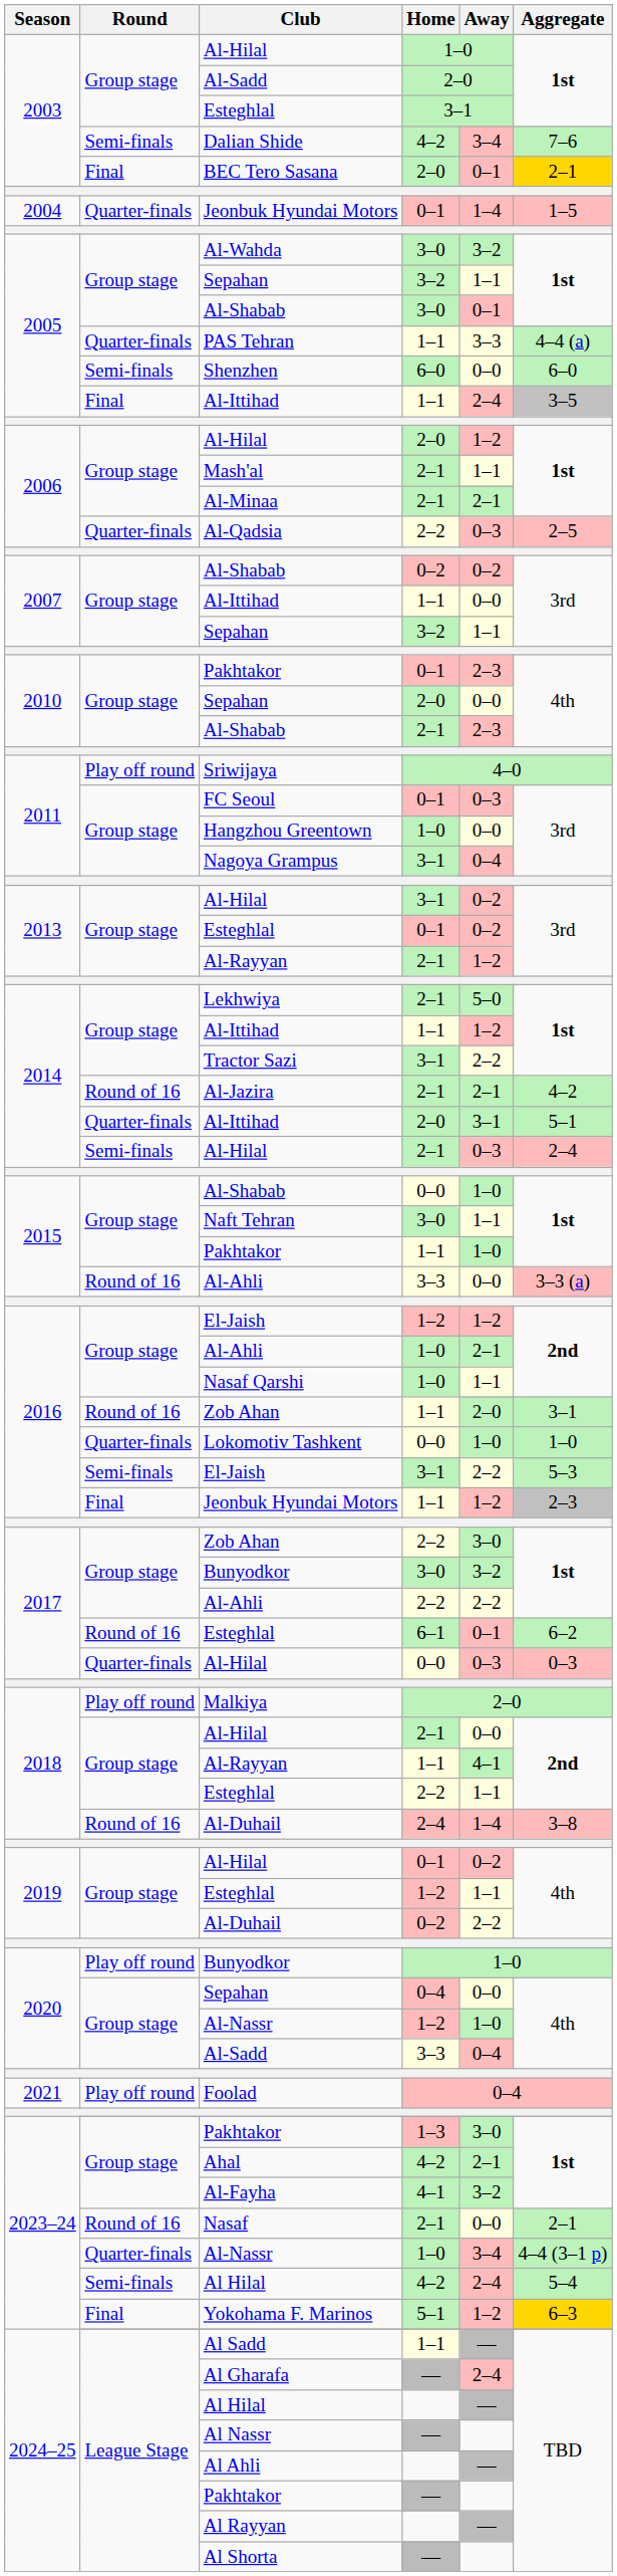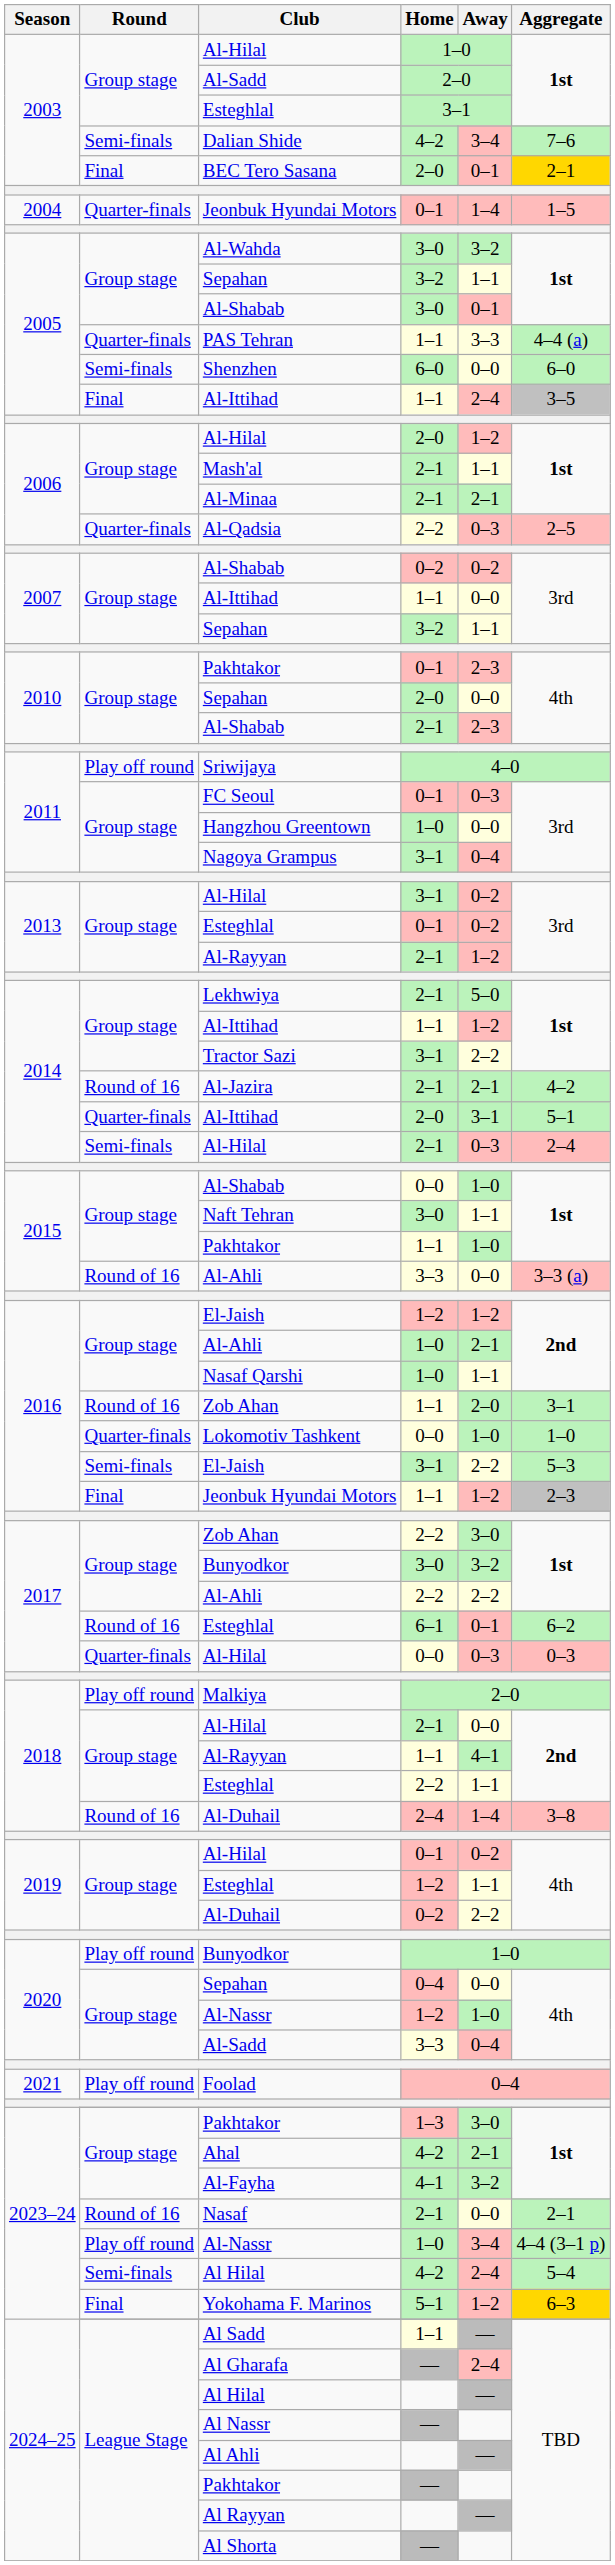 <table class="wikitable" style="text-align:left">
 <tr>
 <th>Season</th>
 <th>Round</th>
 <th>Club</th>
 <th>Home</th>
 <th>Away</th>
 <th>Aggregate</th>
 </tr>
 <tr>
 <td align="center" rowspan=5><a href='#'>2003</a></td>
 <td rowspan=3><a href='#'>Group stage</a></td>
 <td> <a href='#'>Al-Hilal</a></td>
 <td align="center" colspan="2" style="background: #BBF3BB;">1–0</td>
 <td style="text-align:center;" rowspan="3"><strong>1st</strong></td>
 </tr>
 <tr>
 <td> <a href='#'>Al-Sadd</a></td>
 <td align="center" colspan="2" style="background: #BBF3BB;">2–0</td>
 </tr>
 <tr>
 <td> <a href='#'>Esteghlal</a></td>
 <td align="center" colspan="2" style="background: #BBF3BB;">3–1</td>
 </tr>
 <tr>
 <td><a href='#'>Semi-finals</a></td>
 <td> <a href='#'>Dalian Shide</a></td>
 <td align="center" style="background: #BBF3BB;">4–2</td>
 <td align="center" style="background: #FFBBBB;">3–4</td>
 <td align="center" style="background: #BBF3BB;">7–6</td>
 </tr>
 <tr>
 <td><a href='#'>Final</a></td>
 <td> <a href='#'>BEC Tero Sasana</a></td>
 <td align="center" style="background: #BBF3BB;">2–0</td>
 <td align="center" style="background: #FFBBBB;">0–1</td>
 <td align="center" style="background: gold">2–1</td>
 </tr>
 <tr>
 <th colspan=6></th>
 </tr>
 <tr>
 <td align="center"><a href='#'>2004</a></td>
 <td><a href='#'>Quarter-finals</a></td>
 <td> <a href='#'>Jeonbuk Hyundai Motors</a></td>
 <td align="center" style="background: #FFBBBB;">0–1</td>
 <td align="center" style="background: #FFBBBB;">1–4</td>
 <td align="center" style="background: #FFBBBB;">1–5</td>
 </tr>
 <tr>
 <th colspan=6></th>
 </tr>
 <tr>
 <td align="center" rowspan=6><a href='#'>2005</a></td>
 <td rowspan=3><a href='#'>Group stage</a></td>
 <td> <a href='#'>Al-Wahda</a></td>
 <td align="center" style="background: #BBF3BB;">3–0</td>
 <td align="center" style="background: #BBF3BB;">3–2</td>
 <td style="text-align:center;" rowspan="3"><strong>1st</strong></td>
 </tr>
 <tr>
 <td> <a href='#'>Sepahan</a></td>
 <td align="center" style="background: #BBF3BB;">3–2</td>
 <td align="center" style="background: #ffd;">1–1</td>
 </tr>
 <tr>
 <td> <a href='#'>Al-Shabab</a></td>
 <td align="center" style="background: #BBF3BB;">3–0</td>
 <td align="center" style="background: #FFBBBB;">0–1</td>
 </tr>
 <tr>
 <td><a href='#'>Quarter-finals</a></td>
 <td> <a href='#'>PAS Tehran</a></td>
 <td align="center" style="background: #ffd;">1–1</td>
 <td align="center" style="background: #ffd;">3–3</td>
 <td align="center" style="background: #BBF3BB;">4–4 (<a href='#'>a</a>)</td>
 </tr>
 <tr>
 <td><a href='#'>Semi-finals</a></td>
 <td> <a href='#'>Shenzhen</a></td>
 <td align="center" style="background: #BBF3BB;">6–0</td>
 <td align="center" style="background: #ffd;">0–0</td>
 <td align="center" style="background: #BBF3BB;">6–0</td>
 </tr>
 <tr>
 <td><a href='#'>Final</a></td>
 <td> <a href='#'>Al-Ittihad</a></td>
 <td align="center" style="background: #ffd;">1–1</td>
 <td align="center" style="background: #FFBBBB;">2–4</td>
 <td align="center" style="background: silver">3–5</td>
 </tr>
 <tr>
 <th colspan=6></th>
 </tr>
 <tr>
 <td align="center" rowspan=4><a href='#'>2006</a></td>
 <td rowspan=3><a href='#'>Group stage</a></td>
 <td> <a href='#'>Al-Hilal</a></td>
 <td align="center" style="background: #BBF3BB;">2–0</td>
 <td align="center" style="background: #FFBBBB;">1–2</td>
 <td style="text-align:center;" rowspan="3"><strong>1st</strong></td>
 </tr>
 <tr>
 <td> <a href='#'>Mash'al</a></td>
 <td align="center" style="background: #BBF3BB;">2–1</td>
 <td align="center" style="background: #ffd;">1–1</td>
 </tr>
 <tr>
 <td> <a href='#'>Al-Minaa</a></td>
 <td align="center" style="background: #BBF3BB;">2–1</td>
 <td align="center" style="background: #BBF3BB;">2–1</td>
 </tr>
 <tr>
 <td><a href='#'>Quarter-finals</a></td>
 <td> <a href='#'>Al-Qadsia</a></td>
 <td align="center" style="background: #ffd;">2–2</td>
 <td align="center" style="background: #FFBBBB;">0–3</td>
 <td align="center" style="background: #FFBBBB;">2–5</td>
 </tr>
 <tr>
 <th colspan=6></th>
 </tr>
 <tr>
 <td align="center" rowspan=3><a href='#'>2007</a></td>
 <td rowspan=3><a href='#'>Group stage</a></td>
 <td> <a href='#'>Al-Shabab</a></td>
 <td align="center" style="background: #FFBBBB;">0–2</td>
 <td align="center" style="background: #FFBBBB;">0–2</td>
 <td style="text-align:center;" rowspan="3">3rd</td>
 </tr>
 <tr>
 <td> <a href='#'>Al-Ittihad</a></td>
 <td align="center" style="background: #ffd;">1–1</td>
 <td align="center" style="background: #ffd;">0–0</td>
 </tr>
 <tr>
 <td> <a href='#'>Sepahan</a></td>
 <td align="center" style="background: #BBF3BB;">3–2</td>
 <td align="center" style="background: #ffd;">1–1</td>
 </tr>
 <tr>
 <th colspan=6></th>
 </tr>
 <tr>
 <td align="center" rowspan=3><a href='#'>2010</a></td>
 <td rowspan=3><a href='#'>Group stage</a></td>
 <td> <a href='#'>Pakhtakor</a></td>
 <td align="center" style="background: #FFBBBB;">0–1</td>
 <td align="center" style="background: #FFBBBB;">2–3</td>
 <td style="text-align:center;" rowspan="3">4th</td>
 </tr>
 <tr>
 <td> <a href='#'>Sepahan</a></td>
 <td align="center" style="background: #BBF3BB;">2–0</td>
 <td align="center" style="background: #ffd;">0–0</td>
 </tr>
 <tr>
 <td> <a href='#'>Al-Shabab</a></td>
 <td align="center" style="background: #BBF3BB;">2–1</td>
 <td align="center" style="background: #FFBBBB;">2–3</td>
 </tr>
 <tr>
 <th colspan=6></th>
 </tr>
 <tr>
 <td align="center" rowspan=4><a href='#'>2011</a></td>
 <td><a href='#'>Play off round</a></td>
 <td> <a href='#'>Sriwijaya</a></td>
 <td align="center" colspan="3" style="background: #BBF3BB;">4–0</td>
 </tr>
 <tr>
 <td rowspan=3><a href='#'>Group stage</a></td>
 <td> <a href='#'>FC Seoul</a></td>
 <td align="center" style="background: #FFBBBB;">0–1</td>
 <td align="center" style="background: #FFBBBB;">0–3</td>
 <td style="text-align:center;" rowspan="3">3rd</td>
 </tr>
 <tr>
 <td> <a href='#'>Hangzhou Greentown</a></td>
 <td align="center" style="background: #BBF3BB;">1–0</td>
 <td align="center" style="background: #ffd;">0–0</td>
 </tr>
 <tr>
 <td> <a href='#'>Nagoya Grampus</a></td>
 <td align="center" style="background: #BBF3BB;">3–1</td>
 <td align="center" style="background: #FFBBBB;">0–4</td>
 </tr>
 <tr>
 <th colspan=6></th>
 </tr>
 <tr>
 <td align="center" rowspan=3><a href='#'>2013</a></td>
 <td rowspan=3><a href='#'>Group stage</a></td>
 <td> <a href='#'>Al-Hilal</a></td>
 <td align="center" style="background: #BBF3BB;">3–1</td>
 <td align="center" style="background: #FFBBBB;">0–2</td>
 <td style="text-align:center;" rowspan="3">3rd</td>
 </tr>
 <tr>
 <td> <a href='#'>Esteghlal</a></td>
 <td align="center" style="background: #FFBBBB;">0–1</td>
 <td align="center" style="background: #FFBBBB;">0–2</td>
 </tr>
 <tr>
 <td> <a href='#'>Al-Rayyan</a></td>
 <td align="center" style="background: #BBF3BB;">2–1</td>
 <td align="center" style="background: #FFBBBB;">1–2</td>
 </tr>
 <tr>
 <th colspan=6></th>
 </tr>
 <tr>
 <td align="center" rowspan=6><a href='#'>2014</a></td>
 <td rowspan=3><a href='#'>Group stage</a></td>
 <td> <a href='#'>Lekhwiya</a></td>
 <td align="center" style="background: #BBF3BB;">2–1</td>
 <td align="center" style="background: #BBF3BB;">5–0</td>
 <td style="text-align:center;" rowspan="3"><strong>1st</strong></td>
 </tr>
 <tr>
 <td> <a href='#'>Al-Ittihad</a></td>
 <td align="center" style="background: #ffd;">1–1</td>
 <td align="center" style="background: #FFBBBB;">1–2</td>
 </tr>
 <tr>
 <td> <a href='#'>Tractor Sazi</a></td>
 <td align="center" style="background: #BBF3BB;">3–1</td>
 <td align="center" style="background: #ffd;">2–2</td>
 </tr>
 <tr>
 <td><a href='#'>Round of 16</a></td>
 <td> <a href='#'>Al-Jazira</a></td>
 <td align="center" style="background: #BBF3BB;">2–1</td>
 <td align="center" style="background: #BBF3BB;">2–1</td>
 <td align="center" style="background: #BBF3BB;">4–2</td>
 </tr>
 <tr>
 <td><a href='#'>Quarter-finals</a></td>
 <td> <a href='#'>Al-Ittihad</a></td>
 <td align="center" style="background: #BBF3BB;">2–0</td>
 <td align="center" style="background: #BBF3BB;">3–1</td>
 <td align="center" style="background: #BBF3BB;">5–1</td>
 </tr>
 <tr>
 <td><a href='#'>Semi-finals</a></td>
 <td> <a href='#'>Al-Hilal</a></td>
 <td align="center" style="background: #BBF3BB;">2–1</td>
 <td align="center" style="background: #FFBBBB;">0–3</td>
 <td align="center" style="background: #FFBBBB;">2–4</td>
 </tr>
 <tr>
 <th colspan=6></th>
 </tr>
 <tr>
 <td align="center" rowspan=4><a href='#'>2015</a></td>
 <td rowspan=3><a href='#'>Group stage</a></td>
 <td> <a href='#'>Al-Shabab</a></td>
 <td align="center" style="background: #ffd;">0–0</td>
 <td align="center" style="background: #BBF3BB;">1–0</td>
 <td style="text-align:center;" rowspan="3"><strong>1st</strong></td>
 </tr>
 <tr>
 <td> <a href='#'>Naft Tehran</a></td>
 <td align="center" style="background: #BBF3BB;">3–0</td>
 <td align="center" style="background: #ffd;">1–1</td>
 </tr>
 <tr>
 <td> <a href='#'>Pakhtakor</a></td>
 <td align="center" style="background: #ffd;">1–1</td>
 <td align="center" style="background: #BBF3BB;">1–0</td>
 </tr>
 <tr>
 <td><a href='#'>Round of 16</a></td>
 <td> <a href='#'>Al-Ahli</a></td>
 <td align="center" style="background: #ffd;">3–3</td>
 <td align="center" style="background: #ffd;">0–0</td>
 <td align="center" style="background: #FFBBBB;">3–3 (<a href='#'>a</a>)</td>
 </tr>
 <tr>
 <th colspan=6></th>
 </tr>
 <tr>
 <td align="center" rowspan=7><a href='#'>2016</a></td>
 <td rowspan=3><a href='#'>Group stage</a></td>
 <td> <a href='#'>El-Jaish</a></td>
 <td align="center" style="background: #FFBBBB;">1–2</td>
 <td align="center" style="background: #FFBBBB;">1–2</td>
 <td style="text-align:center;" rowspan="3"><strong>2nd</strong></td>
 </tr>
 <tr>
 <td> <a href='#'>Al-Ahli</a></td>
 <td align="center" style="background: #BBF3BB;">1–0</td>
 <td align="center" style="background: #BBF3BB;">2–1</td>
 </tr>
 <tr>
 <td> <a href='#'>Nasaf Qarshi</a></td>
 <td align="center" style="background: #BBF3BB;">1–0</td>
 <td align="center" style="background: #ffd;">1–1</td>
 </tr>
 <tr>
 <td><a href='#'>Round of 16</a></td>
 <td> <a href='#'>Zob Ahan</a></td>
 <td align="center" style="background: #ffd;">1–1</td>
 <td align="center" style="background: #BBF3BB;">2–0</td>
 <td align="center" style="background: #BBF3BB;">3–1</td>
 </tr>
 <tr>
 <td><a href='#'>Quarter-finals</a></td>
 <td> <a href='#'>Lokomotiv Tashkent</a></td>
 <td align="center" style="background: #ffd;">0–0</td>
 <td align="center" style="background: #BBF3BB;">1–0</td>
 <td align="center" style="background: #BBF3BB;">1–0</td>
 </tr>
 <tr>
 <td><a href='#'>Semi-finals</a></td>
 <td> <a href='#'>El-Jaish</a></td>
 <td align="center" style="background: #BBF3BB;">3–1</td>
 <td align="center" style="background: #ffd;">2–2</td>
 <td align="center" style="background: #BBF3BB;">5–3</td>
 </tr>
 <tr>
 <td><a href='#'>Final</a></td>
 <td> <a href='#'>Jeonbuk Hyundai Motors</a></td>
 <td align="center" style="background: #ffd;">1–1</td>
 <td align="center" style="background: #FFBBBB;">1–2</td>
 <td align="center" style="background: silver">2–3</td>
 </tr>
 <tr>
 <th colspan=6></th>
 </tr>
 <tr>
 <td align="center" rowspan=5><a href='#'>2017</a></td>
 <td rowspan=3><a href='#'>Group stage</a></td>
 <td> <a href='#'>Zob Ahan</a></td>
 <td align="center" style="background: #ffd;">2–2</td>
 <td align="center" style="background: #BBF3BB;">3–0</td>
 <td style="text-align:center;" rowspan="3"><strong>1st</strong></td>
 </tr>
 <tr>
 <td> <a href='#'>Bunyodkor</a></td>
 <td align="center" style="background: #BBF3BB;">3–0</td>
 <td align="center" style="background: #BBF3BB;">3–2</td>
 </tr>
 <tr>
 <td> <a href='#'>Al-Ahli</a></td>
 <td align="center" style="background: #ffd;">2–2</td>
 <td align="center" style="background: #ffd;">2–2</td>
 </tr>
 <tr>
 <td><a href='#'>Round of 16</a></td>
 <td> <a href='#'>Esteghlal</a></td>
 <td align="center" style="background: #BBF3BB;">6–1</td>
 <td align="center" style="background: #FFBBBB;">0–1</td>
 <td align="center" style="background: #BBF3BB;">6–2</td>
 </tr>
 <tr>
 <td><a href='#'>Quarter-finals</a></td>
 <td> <a href='#'>Al-Hilal</a></td>
 <td align="center" style="background: #ffd;">0–0</td>
 <td align="center" style="background: #FFBBBB;">0–3</td>
 <td align="center" style="background: #FFBBBB;">0–3</td>
 </tr>
 <tr>
 <th colspan=6></th>
 </tr>
 <tr>
 <td align="center" rowspan=5><a href='#'>2018</a></td>
 <td><a href='#'>Play off round</a></td>
 <td> <a href='#'>Malkiya</a></td>
 <td align="center" colspan="3" style="background: #BBF3BB;">2–0</td>
 </tr>
 <tr>
 <td rowspan=3><a href='#'>Group stage</a></td>
 <td> <a href='#'>Al-Hilal</a></td>
 <td align="center" style="background: #BBF3BB;">2–1</td>
 <td align="center" style="background: #ffd;">0–0</td>
 <td style="text-align:center;" rowspan="3"><strong>2nd</strong></td>
 </tr>
 <tr>
 <td> <a href='#'>Al-Rayyan</a></td>
 <td align="center" style="background: #ffd;">1–1</td>
 <td align="center" style="background: #BBF3BB;">4–1</td>
 </tr>
 <tr>
 <td> <a href='#'>Esteghlal</a></td>
 <td align="center" style="background: #ffd;">2–2</td>
 <td align="center" style="background: #ffd;">1–1</td>
 </tr>
 <tr>
 <td><a href='#'>Round of 16</a></td>
 <td> <a href='#'>Al-Duhail</a></td>
 <td align="center" style="background: #FFBBBB;">2–4</td>
 <td align="center" style="background: #FFBBBB;">1–4</td>
 <td align="center" style="background: #FFBBBB;">3–8</td>
 </tr>
 <tr>
 <th colspan=6></th>
 </tr>
 <tr>
 <td align="center" rowspan=3><a href='#'>2019</a></td>
 <td rowspan=3><a href='#'>Group stage</a></td>
 <td> <a href='#'>Al-Hilal</a></td>
 <td align="center" style="background: #FFBBBB;">0–1</td>
 <td align="center" style="background: #FFBBBB;">0–2</td>
 <td style="text-align:center;" rowspan="3">4th</td>
 </tr>
 <tr>
 <td> <a href='#'>Esteghlal</a></td>
 <td align="center" style="background: #FFBBBB;">1–2</td>
 <td align="center" style="background: #ffd;">1–1</td>
 </tr>
 <tr>
 <td> <a href='#'>Al-Duhail</a></td>
 <td align="center" style="background: #FFBBBB;">0–2</td>
 <td align="center" style="background: #ffd;">2–2</td>
 </tr>
 <tr>
 <th colspan=6></th>
 </tr>
 <tr>
 <td align="center" rowspan=4><a href='#'>2020</a></td>
 <td><a href='#'>Play off round</a></td>
 <td> <a href='#'>Bunyodkor</a></td>
 <td align="center" colspan="3" style="background: #BBF3BB;">1–0</td>
 </tr>
 <tr>
 <td rowspan=3><a href='#'>Group stage</a></td>
 <td> <a href='#'>Sepahan</a></td>
 <td align="center" style="background: #FFBBBB;">0–4</td>
 <td align="center" style="background: #ffd;">0–0</td>
 <td style="text-align:center;" rowspan="3">4th</td>
 </tr>
 <tr>
 <td> <a href='#'>Al-Nassr</a></td>
 <td align="center" style="background: #FFBBBB;">1–2</td>
 <td align="center" style="background: #BBF3BB;">1–0</td>
 </tr>
 <tr>
 <td> <a href='#'>Al-Sadd</a></td>
 <td align="center" style="background: #ffd;">3–3</td>
 <td align="center" style="background: #FFBBBB;">0–4</td>
 </tr>
 <tr>
 <th colspan=6></th>
 </tr>
 <tr>
 <td align="center" rowspan=1><a href='#'>2021</a></td>
 <td><a href='#'>Play off round</a></td>
 <td> <a href='#'>Foolad</a></td>
 <td align="center" colspan="3" style="background: #FFBBBB;">0–4</td>
 </tr>
 <tr>
 <th colspan=6></th>
 </tr>
 <tr>
 <td align="center" rowspan=8><a href='#'>2023–24</a></td>
 </tr>
 <tr>
 <td rowspan=3><a href='#'>Group stage</a></td>
 <td> <a href='#'>Pakhtakor</a></td>
 <td align="center" style="background: #FFBBBB;">1–3</td>
 <td align="center" style="background: #BBF3BB;">3–0</td>
 <td style="text-align:center;" rowspan="3"><strong>1st</strong></td>
 </tr>
 <tr>
 <td> <a href='#'>Ahal</a></td>
 <td align="center" style="background: #BBF3BB;">4–2</td>
 <td align="center" style="background: #BBF3BB;">2–1</td>
 </tr>
 <tr>
 <td> <a href='#'>Al-Fayha</a></td>
 <td align="center" style="background: #BBF3BB;">4–1</td>
 <td align="center" style="background: #BBF3BB;">3–2</td>
 </tr>
 <tr>
 <td><a href='#'>Round of 16</a></td>
 <td> <a href='#'>Nasaf</a></td>
 <td align="center" style="background: #BBF3BB;">2–1</td>
 <td align="center" style="background: #ffd;">0–0</td>
 <td align="center" style="background: #BBF3BB;">2–1</td>
 </tr>
 <tr>
-<td><a href='#'>Quarter-finals</a></td>
+<td><a href='#'>Play off round</a></td>
 <td> <a href='#'>Al-Nassr</a></td>
 <td align="center" style="background: #BBF3BB;">1–0</td>
 <td align="center" style="background: #FFBBBB;">3–4 </td>
 <td align="center" style="background: #BBF3BB;">4–4 (3–1 <a href='#'>p</a>)</td>
 </tr>
 <tr>
 <td><a href='#'>Semi-finals</a></td>
 <td> <a href='#'>Al Hilal</a></td>
 <td align="center" style="background: #BBF3BB;">4–2</td>
 <td align="center" style="background: #FFBBBB;">2–4</td>
 <td align="center" style="background: #BBF3BB;">5–4</td>
 </tr>
 <tr>
 <td><a href='#'>Final</a></td>
 <td> <a href='#'>Yokohama F. Marinos</a></td>
 <td align="center" style="background: #BBF3BB;">5–1</td>
 <td align="center" style="background: #FFBBBB;">1–2</td>
 <td align="center" style="background: gold">6–3</td>
 </tr>
 <tr>
 <td align="center" rowspan=9><a href='#'>2024–25</a></td>
 </tr>
 <tr>
 <td rowspan=9><a href='#'>League Stage</a></td>
 <td> <a href='#'>Al Sadd</a></td>
 <td align="center" style="background: #ffd;">1–1</td>
 <td align="center" style="background: #BBBBBB;">—</td>
 <td style="text-align:center;" rowspan="9">TBD</td>
 </tr>
 <tr>
 <td> <a href='#'>Al Gharafa</a></td>
 <td align="center" style="background: #BBBBBB;">—</td>
 <td align="center" style="background: #FFBBBB;">2–4</td>
 </tr>
 <tr>
 <td> <a href='#'>Al Hilal</a></td>
 <td></td>
 <td align="center" style="background: #BBBBBB;">—</td>
 </tr>
 <tr>
 <td> <a href='#'>Al Nassr</a></td>
 <td align="center" style="background: #BBBBBB;">—</td>
 <td></td>
 </tr>
 <tr>
 <td> <a href='#'>Al Ahli</a></td>
 <td></td>
 <td align="center" style="background: #BBBBBB;">—</td>
 </tr>
 <tr>
 <td> <a href='#'>Pakhtakor</a></td>
 <td align="center" style="background: #BBBBBB;">—</td>
 <td></td>
 </tr>
 <tr>
 <td> <a href='#'>Al Rayyan</a></td>
 <td></td>
 <td align="center" style="background: #BBBBBB;">—</td>
 </tr>
 <tr>
 <td> <a href='#'>Al Shorta</a></td>
 <td align="center" style="background: #BBBBBB;">—</td>
 <td></td>
 </tr>
 </table>
